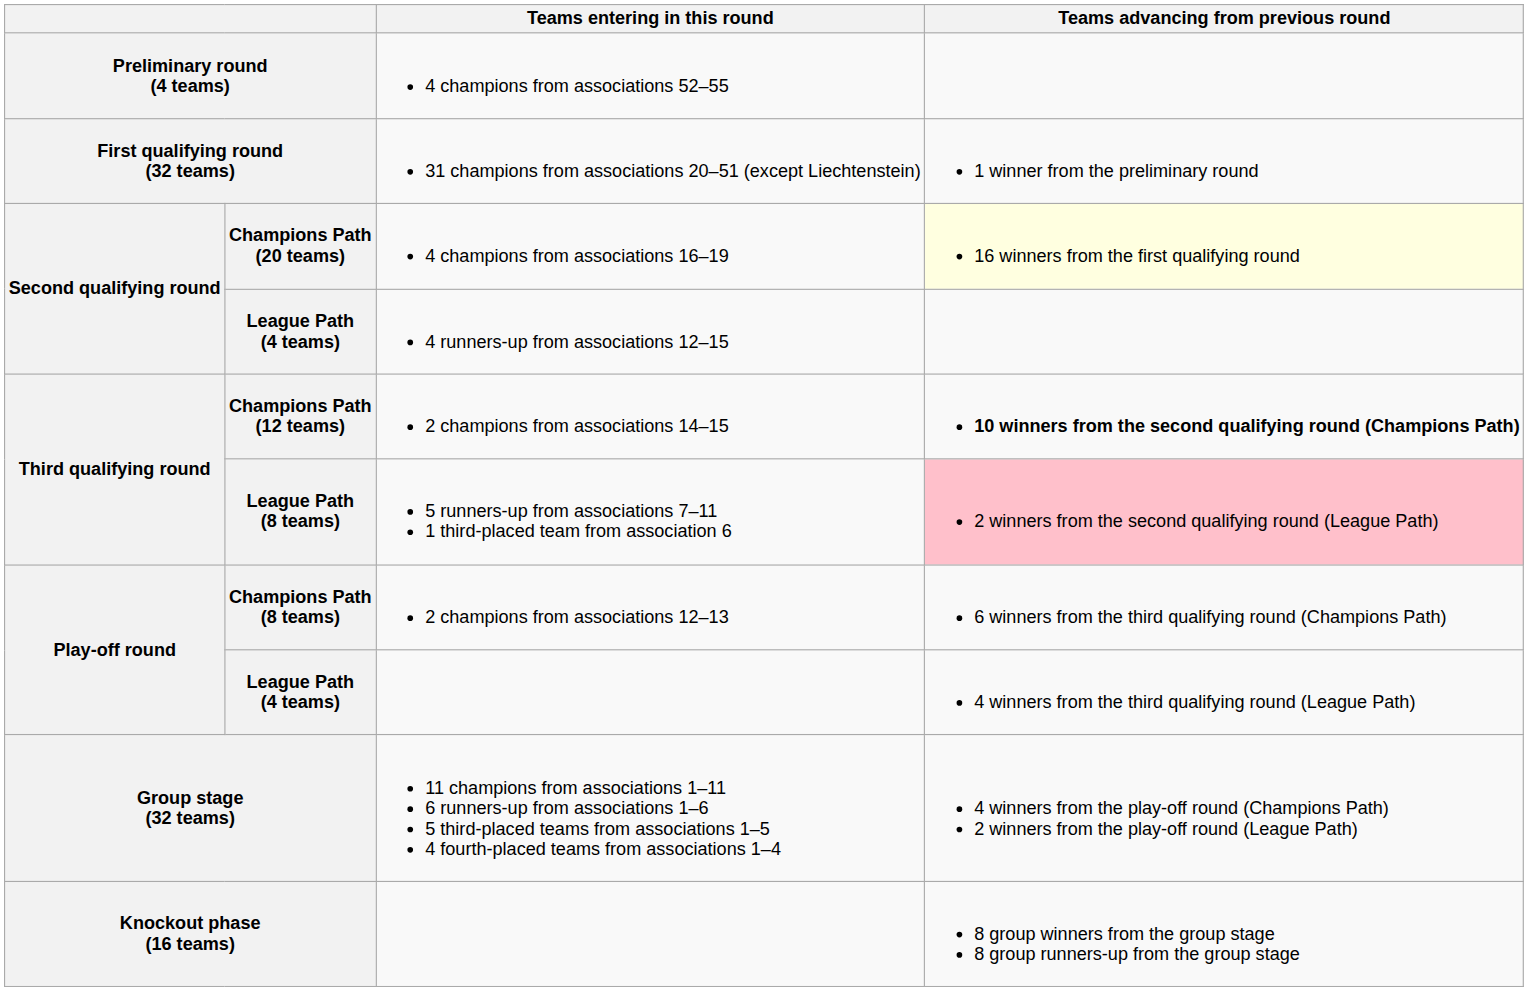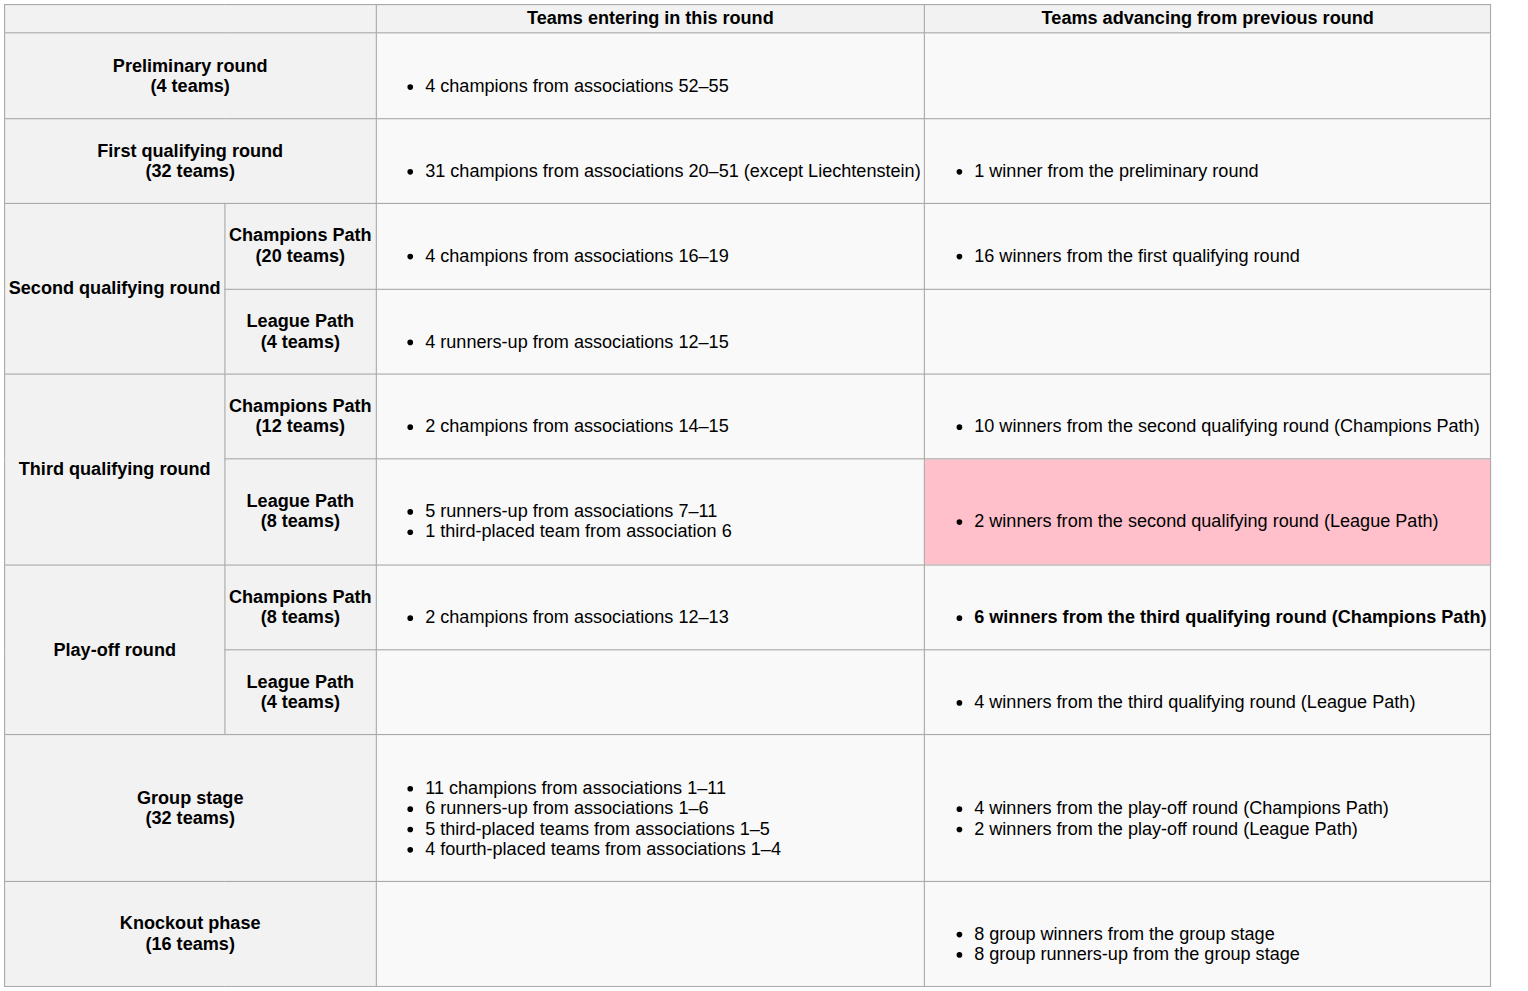 <table class="wikitable">
 <tr>
 <th colspan="2"></th>
 <th>Teams entering in this round</th>
 <th>Teams advancing from previous round</th>
 </tr>
 <tr>
 <th colspan="2">Preliminary round<br>(4 teams)</th>
 <td><br><ul><li>4 champions from associations 52–55</li></ul></td>
 <td></td>
 </tr>
 <tr>
 <th colspan="2">First qualifying round<br>(32 teams)</th>
 <td><br><ul><li>31 champions from associations 20–51 (except Liechtenstein)</li></ul></td>
 <td><br><ul><li>1 winner from the preliminary round</li></ul></td>
 </tr>
 <tr>
 <th rowspan="2">Second qualifying round</th>
 <th>Champions Path<br>(20 teams)</th>
 <td><br><ul><li>4 champions from associations 16–19</li></ul></td>
-<td style="background: lightyellow;"><br><ul><li>16 winners from the first qualifying round</li></ul></td>
+<td><br><ul><li>16 winners from the first qualifying round</li></ul></td>
 </tr>
 <tr>
 <th>League Path<br>(4 teams)</th>
 <td><br><ul><li>4 runners-up from associations 12–15</li></ul></td>
 <td></td>
 </tr>
 <tr>
 <th rowspan="2">Third qualifying round</th>
 <th>Champions Path<br>(12 teams)</th>
 <td><br><ul><li>2 champions from associations 14–15</li></ul></td>
-<td><strong><br><ul><li>10 winners from the second qualifying round (Champions Path)</li></ul></strong></td>
+<td><br><ul><li>10 winners from the second qualifying round (Champions Path)</li></ul></td>
 </tr>
 <tr>
 <th>League Path<br>(8 teams)</th>
 <td><br><ul><li>5 runners-up from associations 7–11</li><li>1 third-placed team from association 6</li></ul></td>
 <td style="background: pink;"><br><ul><li>2 winners from the second qualifying round (League Path)</li></ul></td>
 </tr>
 <tr>
 <th rowspan="2">Play-off round</th>
 <th>Champions Path<br>(8 teams)</th>
 <td><br><ul><li>2 champions from associations 12–13</li></ul></td>
-<td><br><ul><li>6 winners from the third qualifying round (Champions Path)</li></ul></td>
+<td><strong><br><ul><li>6 winners from the third qualifying round (Champions Path)</li></ul></strong></td>
 </tr>
 <tr>
 <th>League Path<br>(4 teams)</th>
 <td></td>
 <td><br><ul><li>4 winners from the third qualifying round (League Path)</li></ul></td>
 </tr>
 <tr>
 <th colspan="2">Group stage<br>(32 teams)</th>
 <td><br><ul><li>11 champions from associations 1–11</li><li>6 runners-up from associations 1–6</li><li>5 third-placed teams from associations 1–5</li><li>4 fourth-placed teams from associations 1–4</li></ul></td>
 <td><br><ul><li>4 winners from the play-off round (Champions Path)</li><li>2 winners from the play-off round (League Path)</li></ul></td>
 </tr>
 <tr>
 <th colspan="2">Knockout phase<br>(16 teams)</th>
 <td></td>
 <td><br><ul><li>8 group winners from the group stage</li><li>8 group runners-up from the group stage</li></ul></td>
 </tr>
 </table>
